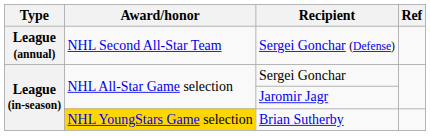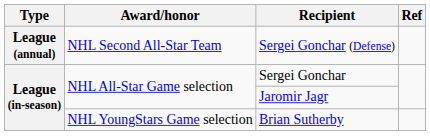 <table class="wikitable">
 <tr>
 <th scope="col">Type</th>
 <th scope="col">Award/honor</th>
 <th scope="col">Recipient</th>
 <th scope="col">Ref</th>
 </tr>
 <tr>
 <th scope="row">League<br><small>(annual)</small></th>
 <td><a href='#'>NHL Second All-Star Team</a></td>
 <td><a href='#'>Sergei Gonchar</a> <small>(<a href='#'>Defense</a>)</small></td>
 <td></td>
 </tr>
 <tr>
 <th scope="row" rowspan="3">League<br><small>(in-season)</small></th>
 <td rowspan="2"><a href='#'>NHL All-Star Game</a> selection</td>
 <td>Sergei Gonchar</td>
 <td rowspan="2"></td>
 </tr>
 <tr>
 <td><a href='#'>Jaromir Jagr</a></td>
 </tr>
 <tr>
-<td style="background: gold;"><a href='#'>NHL YoungStars Game</a> selection</td>
+<td><a href='#'>NHL YoungStars Game</a> selection</td>
 <td><a href='#'>Brian Sutherby</a></td>
 <td></td>
 </tr>
 </table>
